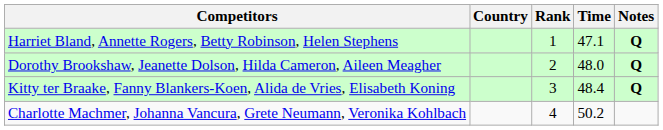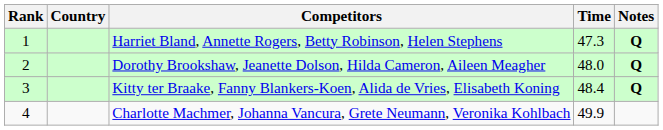 <table class="wikitable sortable" style="text-align:center">
 <tr>
+<th>Rank</th>
+<th>Country</th>
 <th>Competitors</th>
-<th>Country</th>
-<th>Rank</th>
 <th>Time</th>
 <th>Notes</th>
 </tr>
 <tr bgcolor=ccffcc>
+<td>1</td>
+<td align=left></td>
 <td align=left><a href='#'>Harriet Bland</a>, <a href='#'>Annette Rogers</a>, <a href='#'>Betty Robinson</a>, <a href='#'>Helen Stephens</a></td>
-<td align=left></td>
-<td>1</td>
-<td align=left>47.1</td>
+<td align=left>47.3</td>
 <td><strong>Q</strong></td>
 </tr>
 <tr bgcolor=ccffcc>
+<td>2</td>
+<td align=left></td>
 <td align=left><a href='#'>Dorothy Brookshaw</a>, <a href='#'>Jeanette Dolson</a>, <a href='#'>Hilda Cameron</a>, <a href='#'>Aileen Meagher</a></td>
-<td align=left></td>
-<td>2</td>
 <td align=left>48.0</td>
 <td><strong>Q</strong></td>
 </tr>
 <tr bgcolor=ccffcc>
+<td>3</td>
+<td align=left></td>
 <td align=left><a href='#'>Kitty ter Braake</a>, <a href='#'>Fanny Blankers-Koen</a>, <a href='#'>Alida de Vries</a>, <a href='#'>Elisabeth Koning</a></td>
-<td align=left></td>
-<td>3</td>
 <td align=left>48.4</td>
 <td><strong>Q</strong></td>
 </tr>
 <tr>
+<td>4</td>
+<td align=left></td>
 <td align=left><a href='#'>Charlotte Machmer</a>, <a href='#'>Johanna Vancura</a>, <a href='#'>Grete Neumann</a>, <a href='#'>Veronika Kohlbach</a></td>
-<td align=left></td>
-<td>4</td>
-<td align=left>50.2</td>
+<td align=left>49.9</td>
 <td></td>
 </tr>
 </table>
